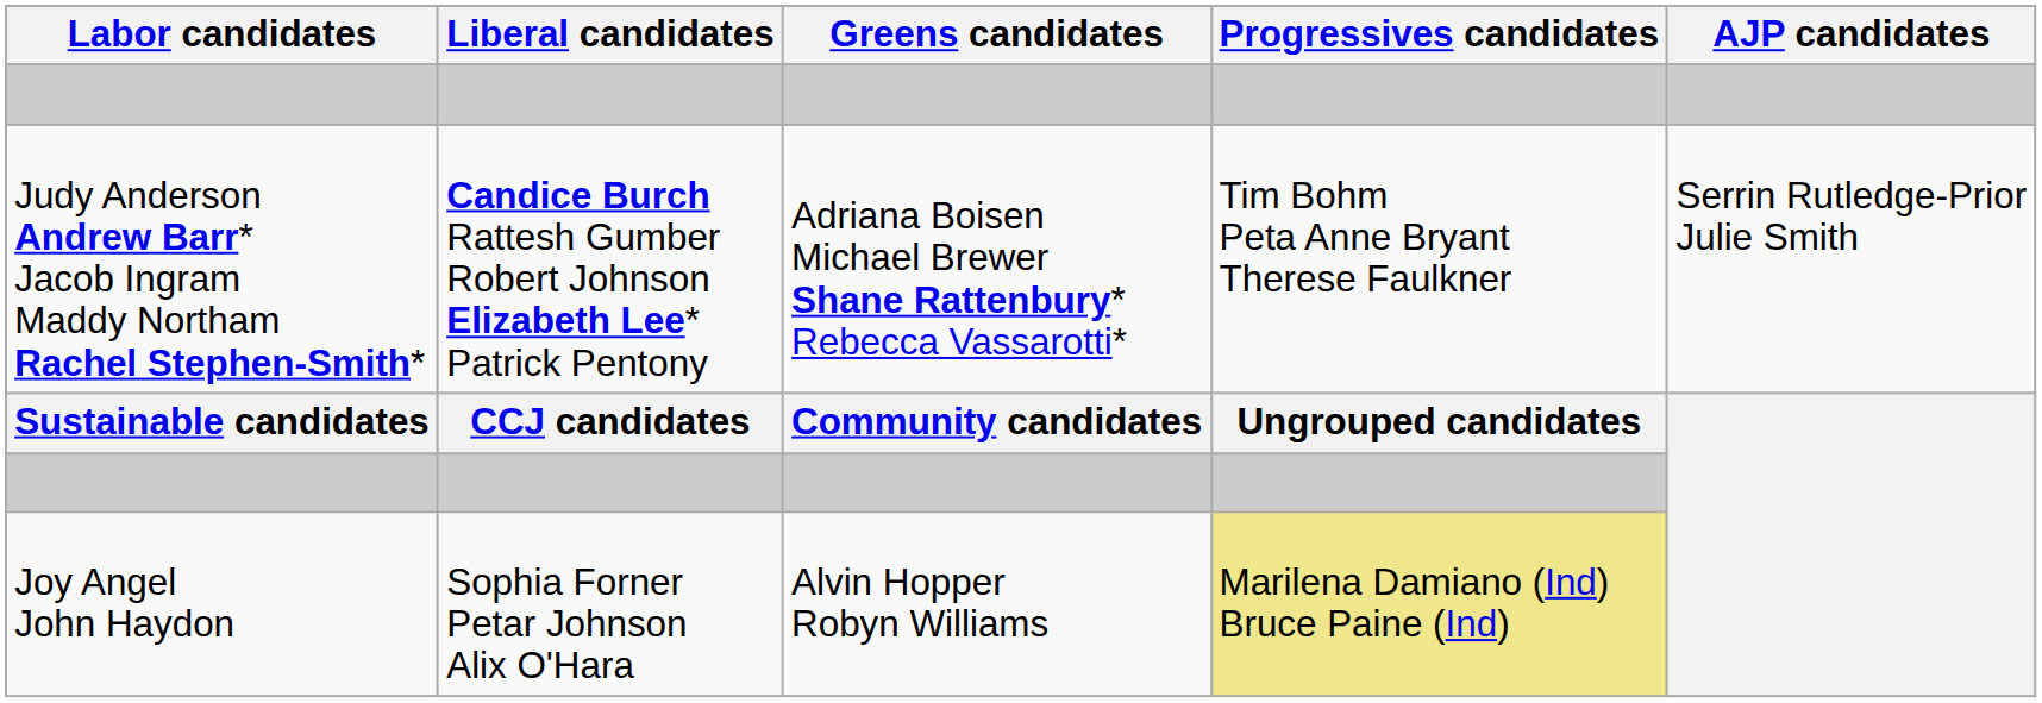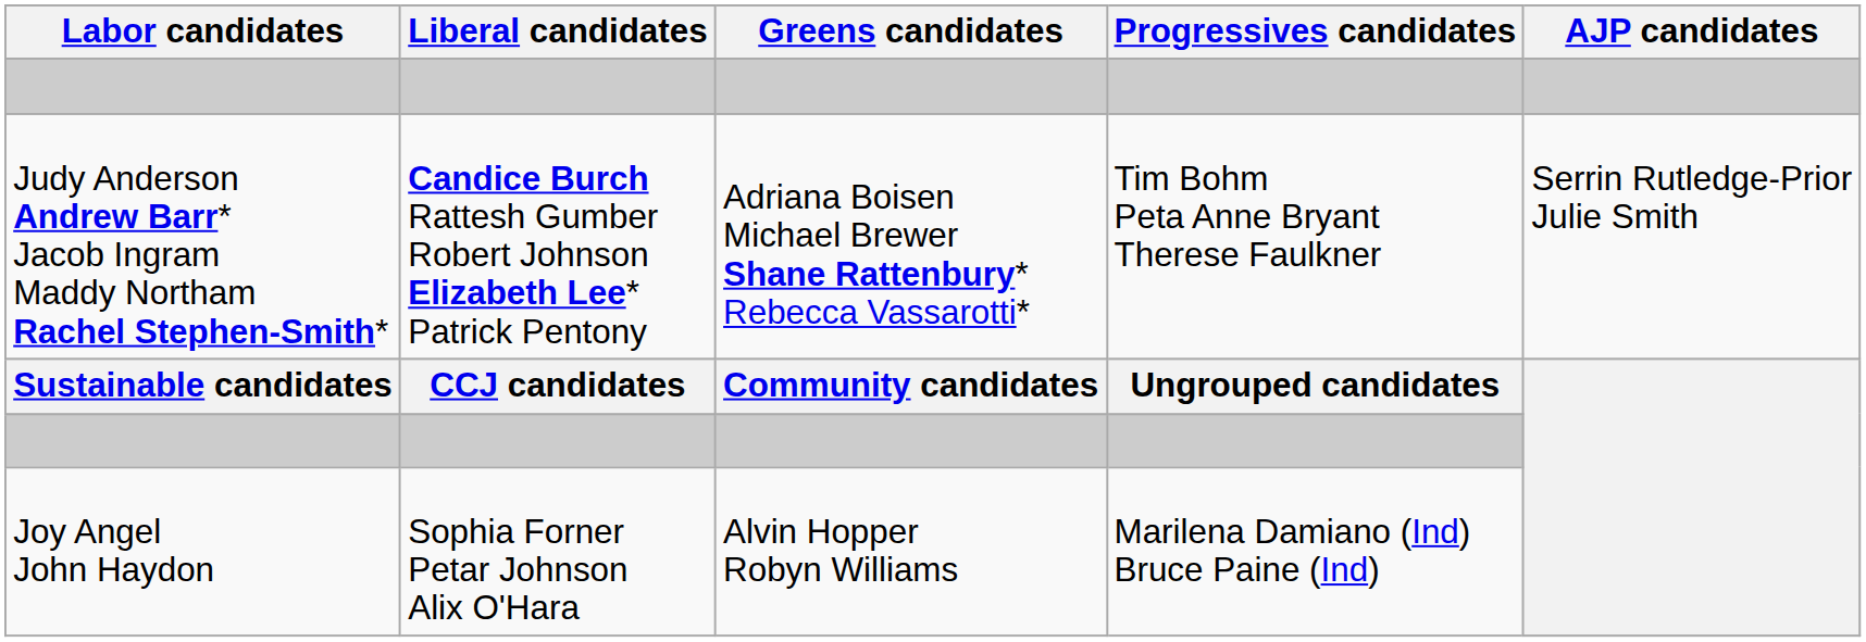 <table class="wikitable">
 <tr>
 <th><a href='#'>Labor</a> candidates</th>
 <th><a href='#'>Liberal</a> candidates</th>
 <th><a href='#'>Greens</a> candidates</th>
 <th><a href='#'>Progressives</a> candidates</th>
 <th><a href='#'>AJP</a> candidates</th>
 </tr>
 <tr bgcolor="#cccccc">
 <td></td>
 <td></td>
 <td></td>
 <td></td>
 <td> </td>
 </tr>
 <tr>
 <td><br>Judy Anderson<br> <strong><a href='#'>Andrew Barr</a></strong>*<br> Jacob Ingram<br> Maddy Northam<br> <strong><a href='#'>Rachel Stephen-Smith</a></strong>*</td>
 <td><br><strong><a href='#'>Candice Burch</a></strong><br> Rattesh Gumber<br> Robert Johnson<br> <strong><a href='#'>Elizabeth Lee</a></strong>*<br> Patrick Pentony</td>
 <td><br>Adriana Boisen<br> Michael Brewer<br> <strong><a href='#'>Shane Rattenbury</a></strong>*<br> <a href='#'>Rebecca Vassarotti</a>*</td>
 <td valign=top><br>Tim Bohm<br> Peta Anne Bryant<br> Therese Faulkner</td>
 <td valign=top><br>Serrin Rutledge-Prior<br> Julie Smith</td>
 </tr>
 <tr bgcolor="#cccccc">
 <th><a href='#'>Sustainable</a> candidates</th>
 <th><a href='#'>CCJ</a> candidates</th>
 <th><a href='#'>Community</a> candidates</th>
 <th>Ungrouped candidates</th>
 <th rowspan=3></th>
 </tr>
 <tr bgcolor="#cccccc">
 <td></td>
 <td></td>
 <td></td>
 <td> </td>
 </tr>
 <tr>
 <td valign=top><br>Joy Angel<br> John Haydon</td>
 <td valign=top><br>Sophia Forner<br> Petar Johnson<br> Alix O'Hara</td>
 <td valign=top><br>Alvin Hopper<br> Robyn Williams</td>
-<td valign=top style="background: khaki;"><br>Marilena Damiano (<a href='#'>Ind</a>)<br> Bruce Paine (<a href='#'>Ind</a>)</td>
+<td valign=top><br>Marilena Damiano (<a href='#'>Ind</a>)<br> Bruce Paine (<a href='#'>Ind</a>)</td>
 </tr>
 </table>
